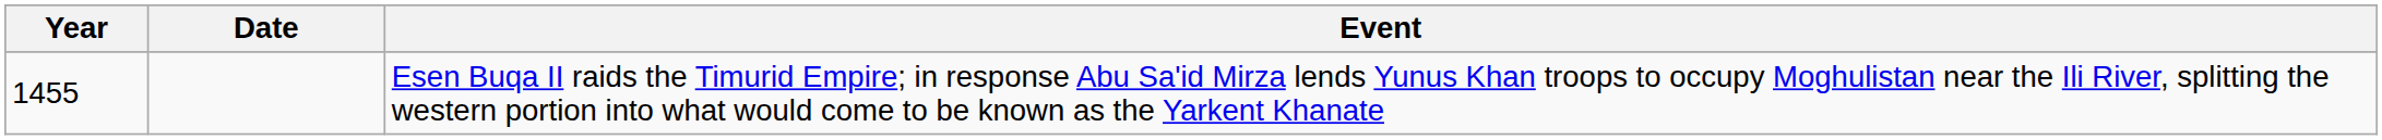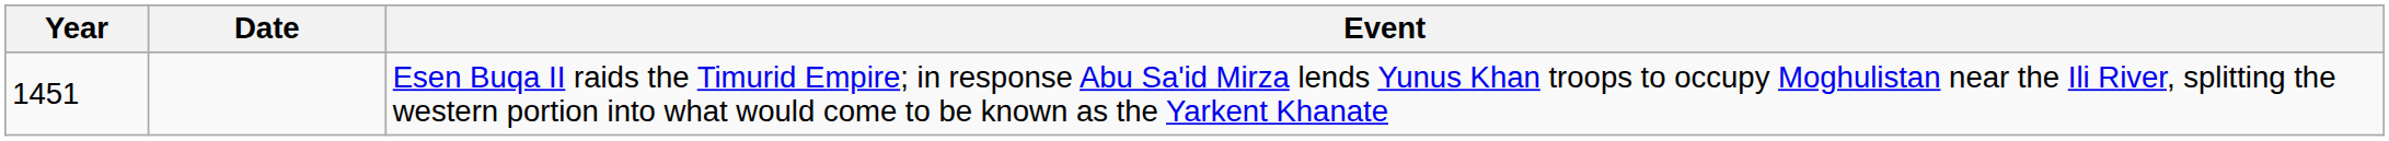 <table class="wikitable" width="100%">
 <tr>
 <th style="width:6%">Year</th>
 <th style="width:10%">Date</th>
 <th>Event</th>
 </tr>
 <tr>
-<td>1455</td>
+<td>1451</td>
 <td></td>
 <td><a href='#'>Esen Buqa II</a> raids the <a href='#'>Timurid Empire</a>; in response <a href='#'>Abu Sa'id Mirza</a> lends <a href='#'>Yunus Khan</a> troops to occupy <a href='#'>Moghulistan</a> near the <a href='#'>Ili River</a>, splitting the western portion into what would come to be known as the <a href='#'>Yarkent Khanate</a></td>
 </tr>
 </table>
